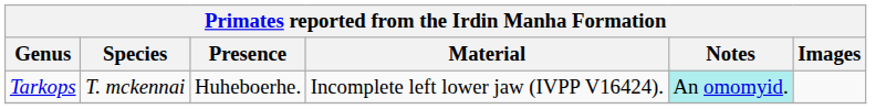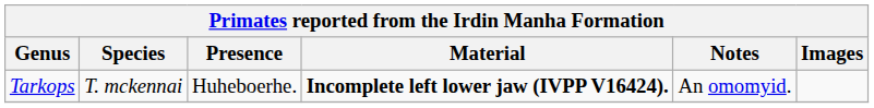 <table class="wikitable" align="center">
 <tr>
 <th colspan="6" align="center"><strong><a href='#'>Primates</a> reported from the Irdin Manha Formation</strong></th>
 </tr>
 <tr>
 <th>Genus</th>
 <th>Species</th>
 <th>Presence</th>
 <th><strong>Material</strong></th>
 <th>Notes</th>
 <th>Images</th>
 </tr>
 <tr>
 <td><em><a href='#'>Tarkops</a></em></td>
 <td><em>T. mckennai</em></td>
 <td>Huheboerhe.</td>
-<td>Incomplete left lower jaw (IVPP V16424).</td>
-<td style="background: paleturquoise;">An <a href='#'>omomyid</a>.</td>
+<td><strong>Incomplete left lower jaw (IVPP V16424).</strong></td>
+<td>An <a href='#'>omomyid</a>.</td>
 <td></td>
 </tr>
 <tr>
 </tr>
 </table>
